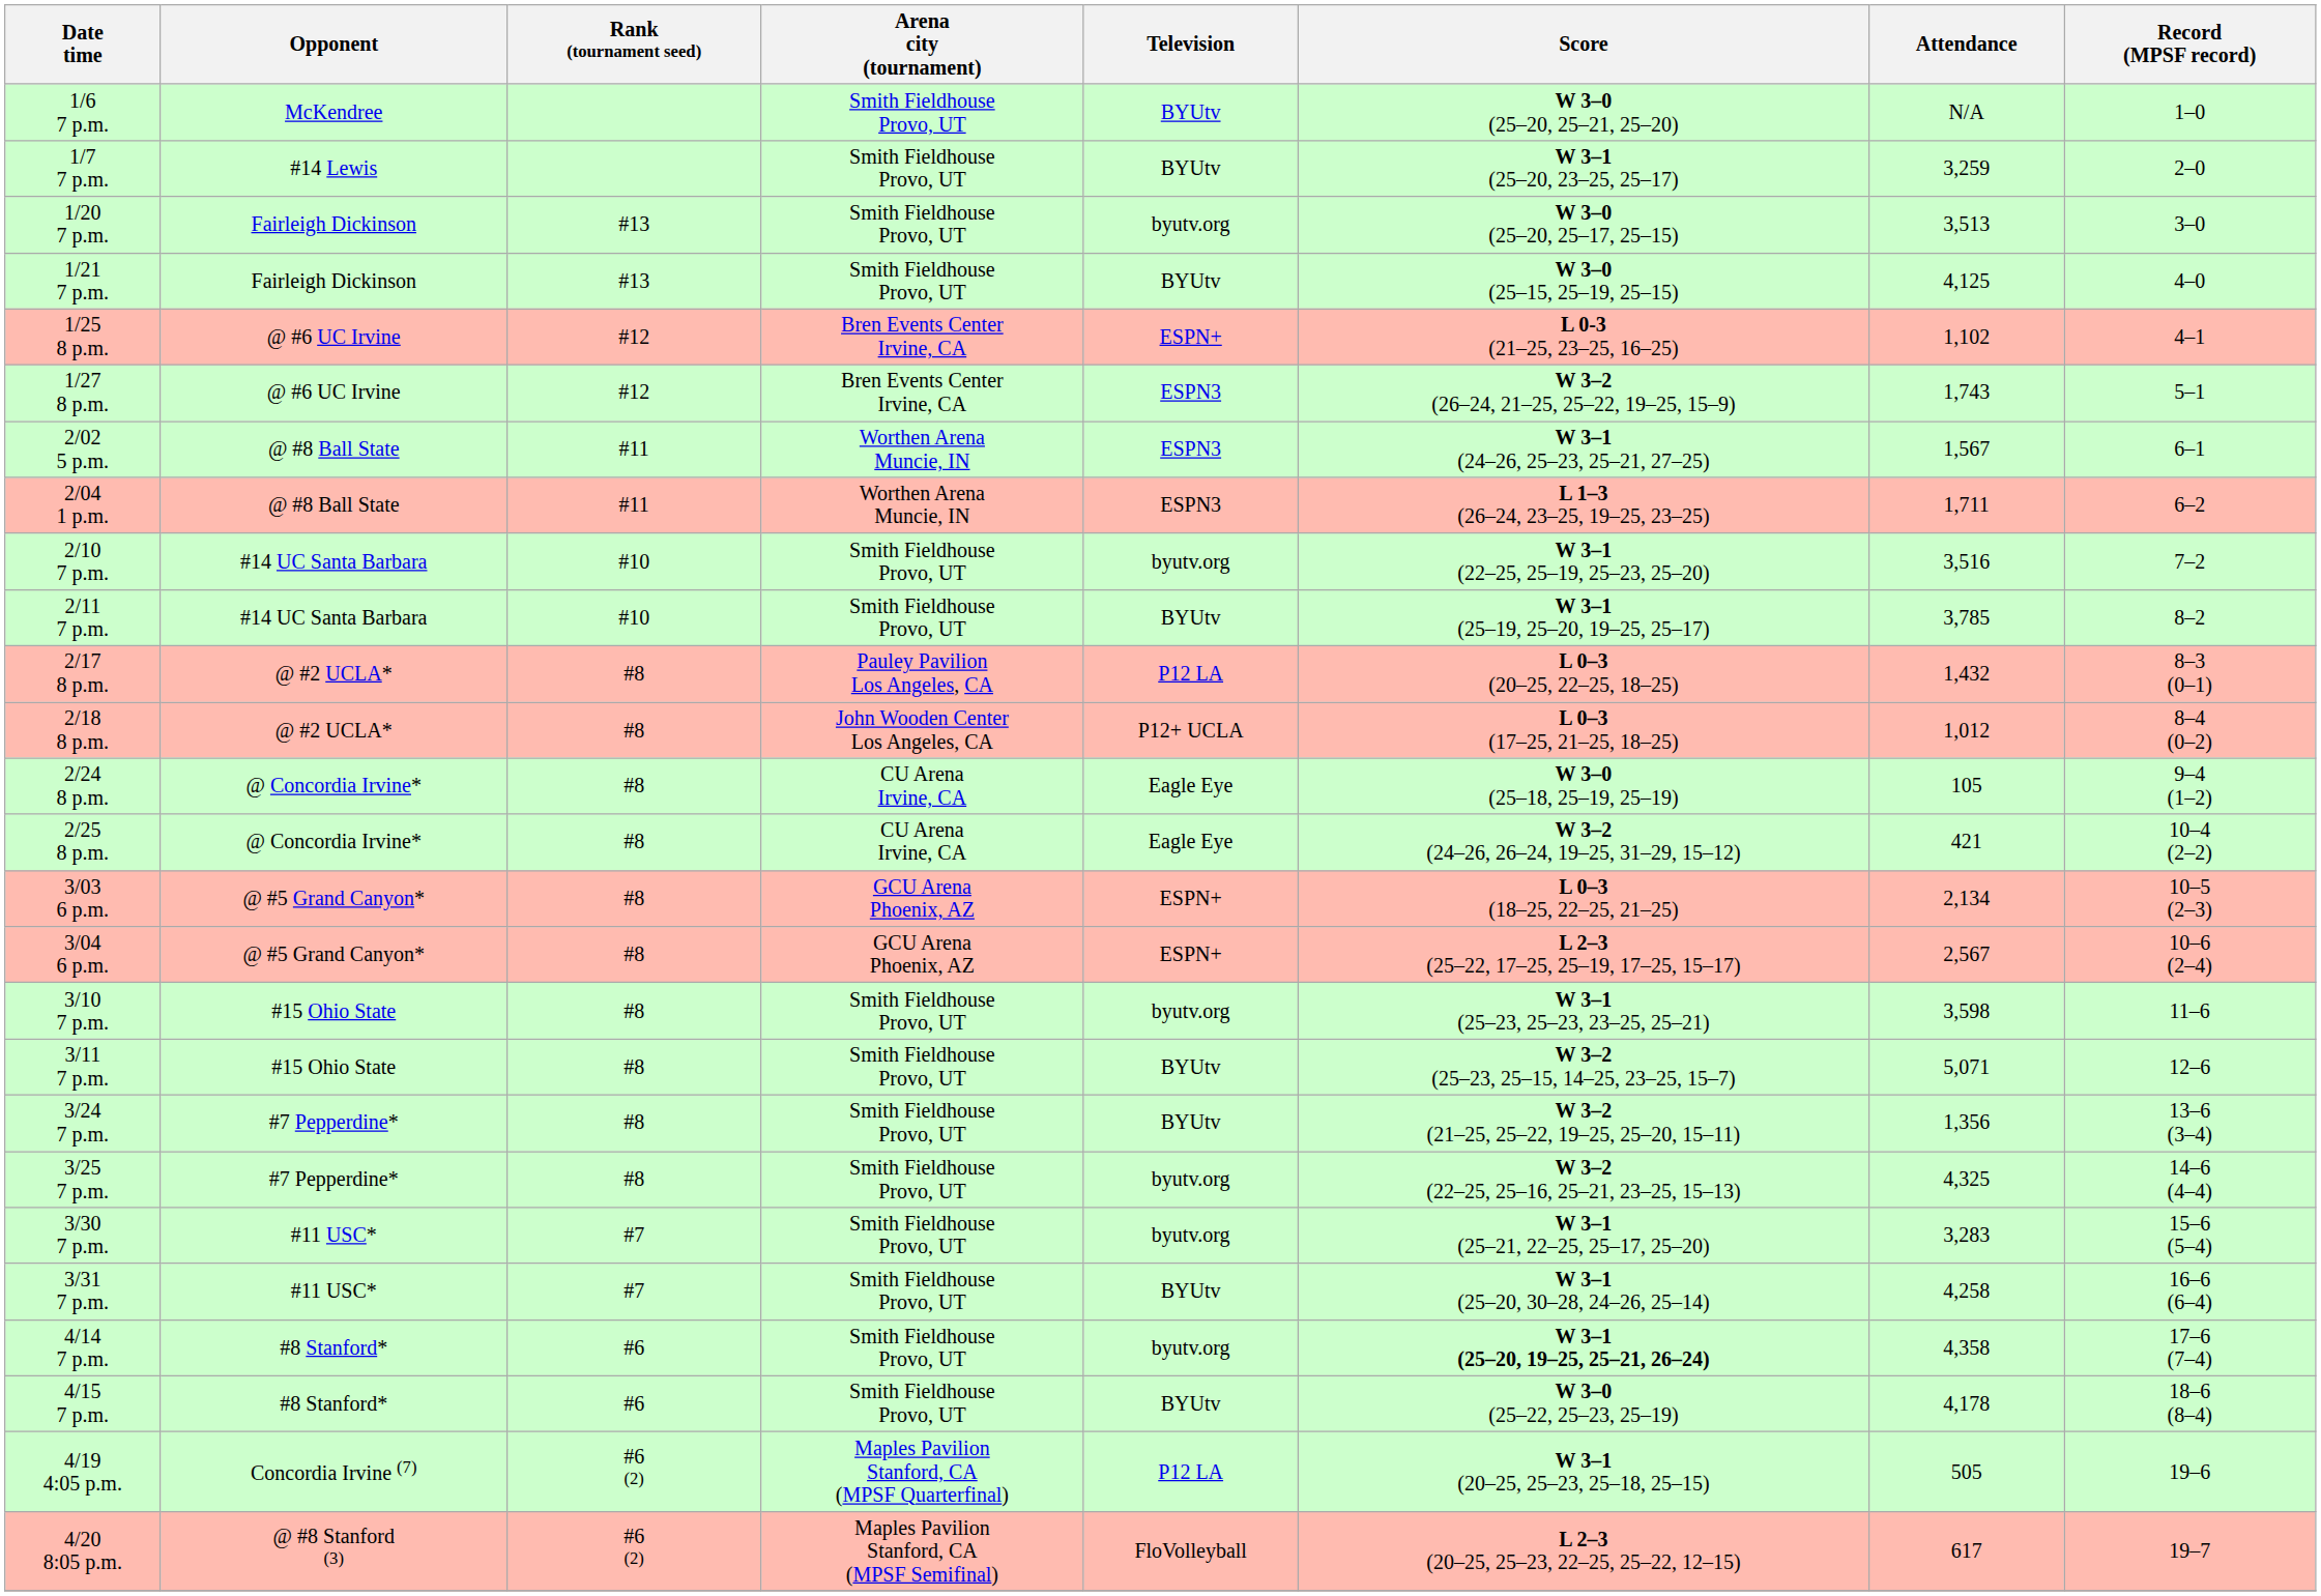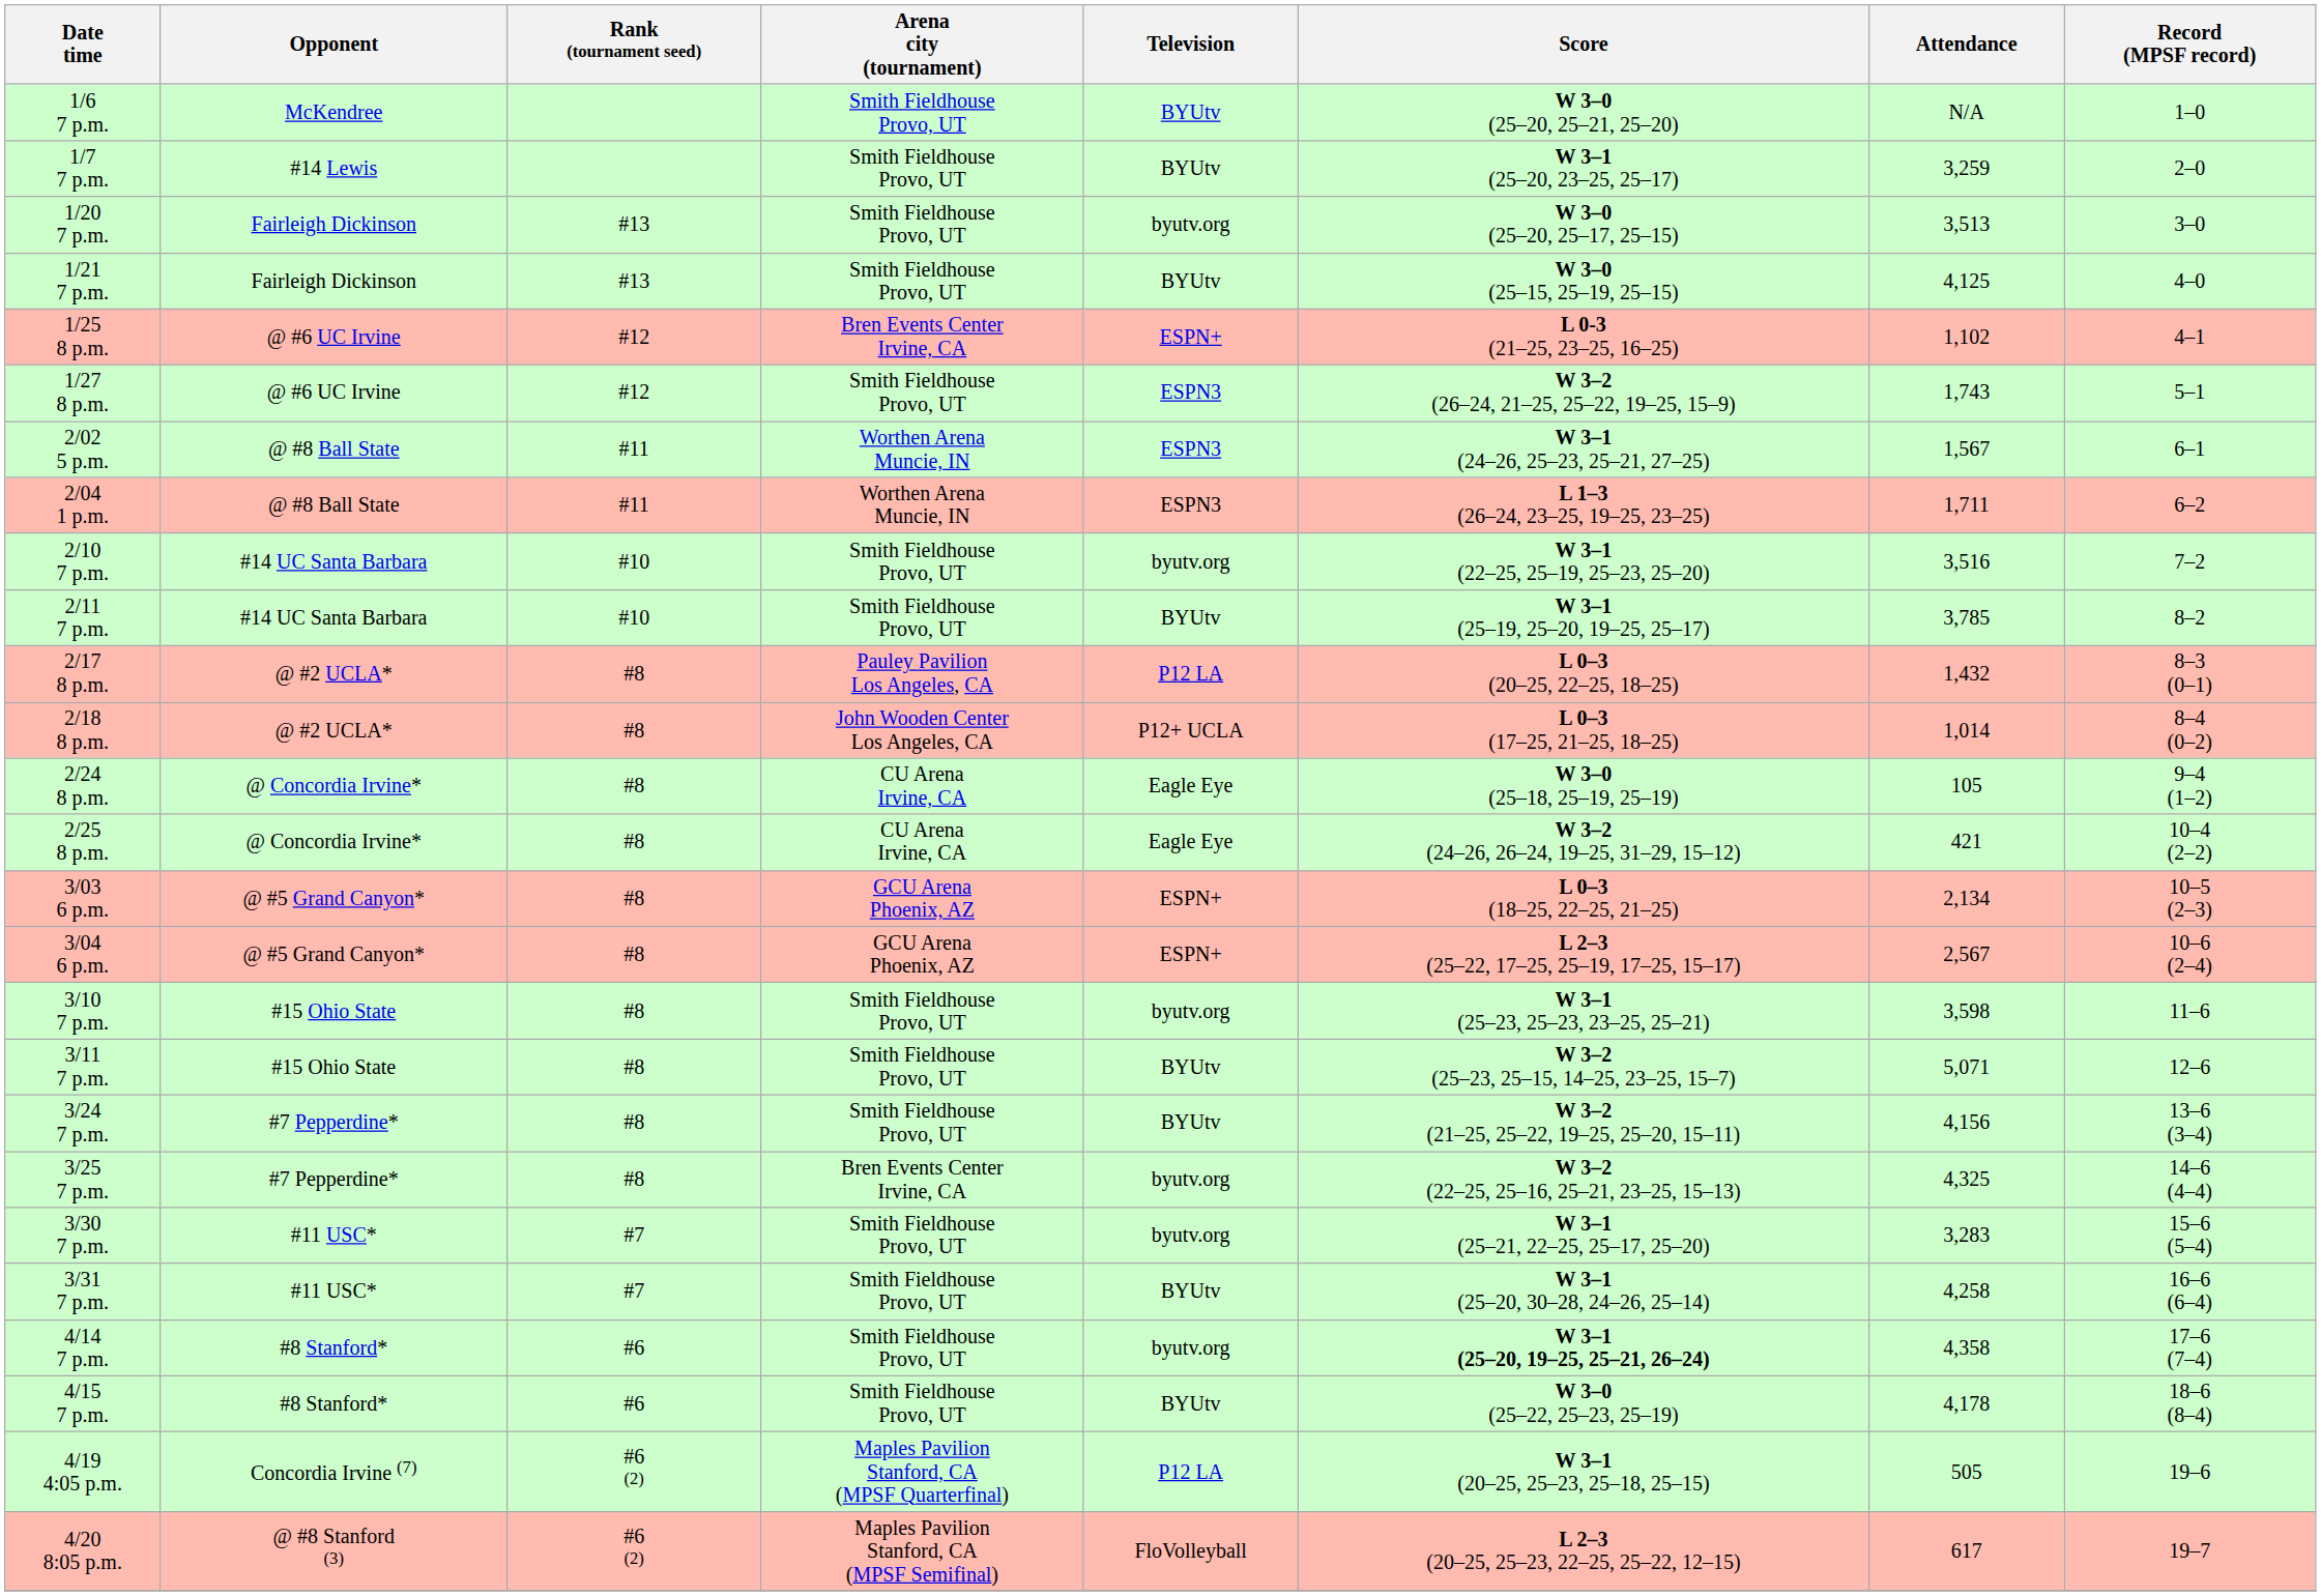 <table class="wikitable sortable" style="width:90%">
 <tr>
 <th>Date<br>time</th>
 <th>Opponent</th>
 <th>Rank<br><sup>(tournament seed)</sup></th>
 <th>Arena<br>city<br>(tournament)</th>
 <th>Television</th>
 <th>Score</th>
 <th>Attendance</th>
 <th>Record<br>(MPSF record)</th>
 </tr>
 <tr align="center" bgcolor="#ccffcc">
 <td>1/6<br>7 p.m.</td>
 <td><a href='#'>McKendree</a></td>
 <td></td>
 <td><a href='#'>Smith Fieldhouse</a><br><a href='#'>Provo, UT</a></td>
 <td><a href='#'>BYUtv</a></td>
 <td><strong>W 3–0</strong><br>(25–20, 25–21, 25–20)</td>
 <td>N/A</td>
 <td>1–0</td>
 </tr>
 <tr align="center" bgcolor="#ccffcc">
 <td>1/7<br>7 p.m.</td>
 <td>#14 <a href='#'>Lewis</a></td>
 <td></td>
 <td>Smith Fieldhouse<br>Provo, UT</td>
 <td>BYUtv</td>
 <td><strong>W 3–1</strong><br>(25–20, 23–25, 25–17)</td>
 <td>3,259</td>
 <td>2–0</td>
 </tr>
 <tr align="center" bgcolor="#ccffcc">
 <td>1/20<br>7 p.m.</td>
 <td><a href='#'>Fairleigh Dickinson</a></td>
 <td>#13</td>
 <td>Smith Fieldhouse<br>Provo, UT</td>
 <td>byutv.org</td>
 <td><strong>W 3–0</strong><br>(25–20, 25–17, 25–15)</td>
 <td>3,513</td>
 <td>3–0</td>
 </tr>
 <tr align="center" bgcolor="#ccffcc">
 <td>1/21<br>7 p.m.</td>
 <td>Fairleigh Dickinson</td>
 <td>#13</td>
 <td>Smith Fieldhouse<br>Provo, UT</td>
 <td>BYUtv</td>
 <td><strong>W 3–0</strong><br>(25–15, 25–19, 25–15)</td>
 <td>4,125</td>
 <td>4–0</td>
 </tr>
 <tr align="center" bgcolor="#ffbbb">
 <td>1/25<br>8 p.m.</td>
 <td>@ #6 <a href='#'>UC Irvine</a></td>
 <td>#12</td>
 <td><a href='#'>Bren Events Center</a><br><a href='#'>Irvine, CA</a></td>
 <td><a href='#'>ESPN+</a></td>
 <td><strong>L 0-3</strong><br>(21–25, 23–25, 16–25)</td>
 <td>1,102</td>
 <td>4–1</td>
 </tr>
 <tr align="center" bgcolor="#ccffcc">
 <td>1/27<br>8 p.m.</td>
 <td>@ #6 UC Irvine</td>
 <td>#12</td>
-<td>Bren Events Center<br>Irvine, CA</td>
+<td>Smith Fieldhouse<br>Provo, UT</td>
 <td><a href='#'>ESPN3</a></td>
 <td><strong>W 3–2</strong><br>(26–24, 21–25, 25–22, 19–25, 15–9)</td>
 <td>1,743</td>
 <td>5–1</td>
 </tr>
 <tr align="center" bgcolor="#ccffcc">
 <td>2/02<br>5 p.m.</td>
 <td>@ #8 <a href='#'>Ball State</a></td>
 <td>#11</td>
 <td><a href='#'>Worthen Arena</a><br><a href='#'>Muncie, IN</a></td>
 <td><a href='#'>ESPN3</a></td>
 <td><strong>W 3–1</strong> <br>(24–26, 25–23, 25–21, 27–25)</td>
 <td>1,567</td>
 <td>6–1</td>
 </tr>
 <tr align="center" bgcolor="#ffbbb">
 <td>2/04<br>1 p.m.</td>
 <td>@ #8 Ball State</td>
 <td>#11</td>
 <td>Worthen Arena<br>Muncie, IN</td>
 <td>ESPN3</td>
 <td><strong>L 1–3</strong><br>(26–24, 23–25, 19–25, 23–25)</td>
 <td>1,711</td>
 <td>6–2</td>
 </tr>
 <tr align="center" bgcolor="#ccffcc">
 <td>2/10<br>7 p.m.</td>
 <td>#14 <a href='#'>UC Santa Barbara</a></td>
 <td>#10</td>
 <td>Smith Fieldhouse<br>Provo, UT</td>
 <td>byutv.org</td>
 <td><strong>W 3–1</strong><br>(22–25, 25–19, 25–23, 25–20)</td>
 <td>3,516</td>
 <td>7–2</td>
 </tr>
 <tr align="center" bgcolor="#ccffcc">
 <td>2/11<br>7 p.m.</td>
 <td>#14 UC Santa Barbara</td>
 <td>#10</td>
 <td>Smith Fieldhouse<br>Provo, UT</td>
 <td>BYUtv</td>
 <td><strong>W 3–1</strong><br>(25–19, 25–20, 19–25, 25–17)</td>
 <td>3,785</td>
 <td>8–2</td>
 </tr>
 <tr align="center" bgcolor="#ffbbb">
 <td>2/17<br>8 p.m.</td>
 <td>@ #2 <a href='#'>UCLA</a>*</td>
 <td>#8</td>
 <td><a href='#'>Pauley Pavilion</a><br><a href='#'>Los Angeles</a>, <a href='#'>CA</a></td>
 <td><a href='#'>P12 LA</a></td>
 <td><strong>L 0–3</strong><br>(20–25, 22–25, 18–25)</td>
 <td>1,432</td>
 <td>8–3<br>(0–1)</td>
 </tr>
 <tr align="center" bgcolor="#ffbbb">
 <td>2/18<br>8 p.m.</td>
 <td>@ #2 UCLA*</td>
 <td>#8</td>
 <td><a href='#'>John Wooden Center</a><br>Los Angeles, CA</td>
 <td>P12+ UCLA</td>
 <td><strong>L 0–3</strong><br>(17–25, 21–25, 18–25)</td>
-<td>1,012</td>
+<td>1,014</td>
 <td>8–4<br>(0–2)</td>
 </tr>
 <tr align="center" bgcolor="#ccffcc">
 <td>2/24<br>8 p.m.</td>
 <td>@ <a href='#'>Concordia Irvine</a>*</td>
 <td>#8</td>
 <td>CU Arena<br><a href='#'>Irvine, CA</a></td>
 <td>Eagle Eye</td>
 <td><strong>W 3–0</strong><br>(25–18, 25–19, 25–19)</td>
 <td>105</td>
 <td>9–4<br>(1–2)</td>
 </tr>
 <tr align="center" bgcolor="#ccffcc">
 <td>2/25<br>8 p.m.</td>
 <td>@ Concordia Irvine*</td>
 <td>#8</td>
 <td>CU Arena<br>Irvine, CA</td>
 <td>Eagle Eye</td>
 <td><strong>W 3–2</strong><br>(24–26, 26–24, 19–25, 31–29, 15–12)</td>
 <td>421</td>
 <td>10–4<br>(2–2)</td>
 </tr>
 <tr align="center" bgcolor="#ffbbb">
 <td>3/03<br>6 p.m.</td>
 <td>@ #5 <a href='#'>Grand Canyon</a>*</td>
 <td>#8</td>
 <td><a href='#'>GCU Arena</a><br><a href='#'>Phoenix, AZ</a></td>
 <td>ESPN+</td>
 <td><strong>L 0–3</strong><br>(18–25, 22–25, 21–25)</td>
 <td>2,134</td>
 <td>10–5<br>(2–3)</td>
 </tr>
 <tr align="center" bgcolor="#ffbbb">
 <td>3/04<br>6 p.m.</td>
 <td>@ #5 Grand Canyon*</td>
 <td>#8</td>
 <td>GCU Arena<br>Phoenix, AZ</td>
 <td>ESPN+</td>
 <td><strong>L 2–3</strong><br>(25–22, 17–25, 25–19, 17–25, 15–17)</td>
 <td>2,567</td>
 <td>10–6<br>(2–4)</td>
 </tr>
 <tr align="center" bgcolor="#ccffcc">
 <td>3/10<br>7 p.m.</td>
 <td>#15 <a href='#'>Ohio State</a></td>
 <td>#8</td>
 <td>Smith Fieldhouse<br>Provo, UT</td>
 <td>byutv.org</td>
 <td><strong>W 3–1</strong><br>(25–23, 25–23, 23–25, 25–21)</td>
 <td>3,598</td>
 <td>11–6</td>
 </tr>
 <tr align="center" bgcolor="#ccffcc">
 <td>3/11<br>7 p.m.</td>
 <td>#15 Ohio State</td>
 <td>#8</td>
 <td>Smith Fieldhouse<br>Provo, UT</td>
 <td>BYUtv</td>
 <td><strong>W 3–2</strong><br>(25–23, 25–15, 14–25, 23–25, 15–7)</td>
 <td>5,071</td>
 <td>12–6</td>
 </tr>
 <tr align="center" bgcolor="#ccffcc">
 <td>3/24<br>7 p.m.</td>
 <td>#7 <a href='#'>Pepperdine</a>*</td>
 <td>#8</td>
 <td>Smith Fieldhouse<br>Provo, UT</td>
 <td>BYUtv</td>
 <td><strong>W 3–2</strong><br>(21–25, 25–22, 19–25, 25–20, 15–11)</td>
-<td>1,356</td>
+<td>4,156</td>
 <td>13–6<br>(3–4)</td>
 </tr>
 <tr align="center" bgcolor="#ccffcc">
 <td>3/25<br>7 p.m.</td>
 <td>#7 Pepperdine*</td>
 <td>#8</td>
-<td>Smith Fieldhouse<br>Provo, UT</td>
+<td>Bren Events Center<br>Irvine, CA</td>
 <td>byutv.org</td>
 <td><strong>W 3–2</strong><br>(22–25, 25–16, 25–21, 23–25, 15–13)</td>
 <td>4,325</td>
 <td>14–6<br>(4–4)</td>
 </tr>
 <tr align="center" bgcolor="#ccffcc">
 <td>3/30<br>7 p.m.</td>
 <td>#11 <a href='#'>USC</a>*</td>
 <td>#7</td>
 <td>Smith Fieldhouse<br>Provo, UT</td>
 <td>byutv.org</td>
 <td><strong>W 3–1</strong><br>(25–21, 22–25, 25–17, 25–20)</td>
 <td>3,283</td>
 <td>15–6<br>(5–4)</td>
 </tr>
 <tr align="center" bgcolor="#ccffcc">
 <td>3/31<br>7 p.m.</td>
 <td>#11 USC*</td>
 <td>#7</td>
 <td>Smith Fieldhouse<br>Provo, UT</td>
 <td>BYUtv</td>
 <td><strong>W 3–1</strong><br>(25–20, 30–28, 24–26, 25–14)</td>
 <td>4,258</td>
 <td>16–6<br>(6–4)</td>
 </tr>
 <tr align="center" bgcolor="#ccffcc">
 <td>4/14<br>7 p.m.</td>
 <td>#8 <a href='#'>Stanford</a>*</td>
 <td>#6</td>
 <td>Smith Fieldhouse<br>Provo, UT</td>
 <td>byutv.org</td>
 <td><strong>W 3–1<br>(25–20, 19–25, 25–21, 26–24)</strong></td>
 <td>4,358</td>
 <td>17–6<br>(7–4)</td>
 </tr>
 <tr align="center" bgcolor="#ccffcc">
 <td>4/15<br>7 p.m.</td>
 <td>#8 Stanford*</td>
 <td>#6</td>
 <td>Smith Fieldhouse<br>Provo, UT</td>
 <td>BYUtv</td>
 <td><strong>W 3–0</strong><br>(25–22, 25–23, 25–19)</td>
 <td>4,178</td>
 <td>18–6<br>(8–4)</td>
 </tr>
 <tr align="center" bgcolor="#ccffcc">
 <td>4/19<br>4:05 p.m.</td>
 <td>Concordia Irvine <sup>(7)</sup></td>
 <td>#6<br><sup>(2)</sup></td>
 <td><a href='#'>Maples Pavilion</a><br><a href='#'>Stanford, CA</a><br>(<a href='#'>MPSF Quarterfinal</a>)</td>
 <td><a href='#'>P12 LA</a></td>
 <td><strong>W 3–1</strong><br>(20–25, 25–23, 25–18, 25–15)</td>
 <td>505</td>
 <td>19–6</td>
 </tr>
 <tr align="center" bgcolor="#ffbbb">
 <td>4/20<br>8:05 p.m.</td>
 <td>@ #8 Stanford<br><sup>(3)</sup></td>
 <td>#6<br><sup>(2)</sup></td>
 <td>Maples Pavilion<br>Stanford, CA<br>(<a href='#'>MPSF Semifinal</a>)</td>
 <td>FloVolleyball</td>
 <td><strong>L 2–3</strong><br>(20–25, 25–23, 22–25, 25–22, 12–15)</td>
 <td>617</td>
 <td>19–7</td>
 </tr>
 <tr>
 </tr>
 </table>
